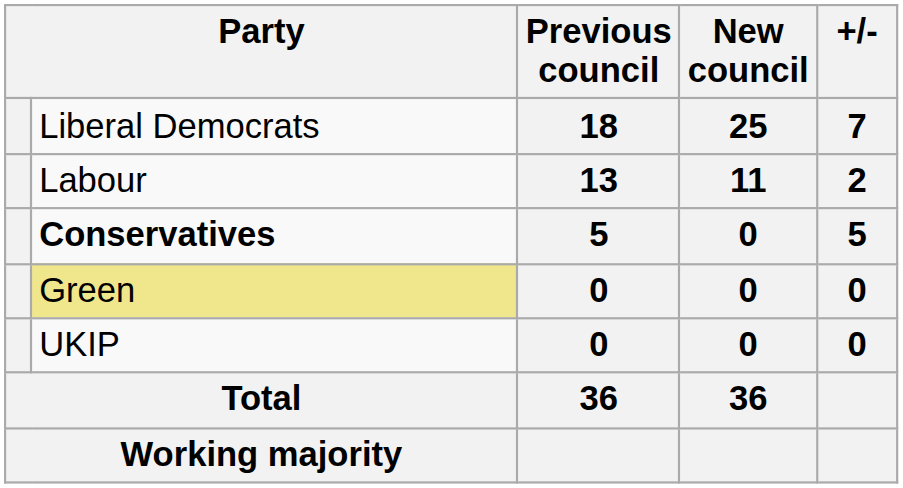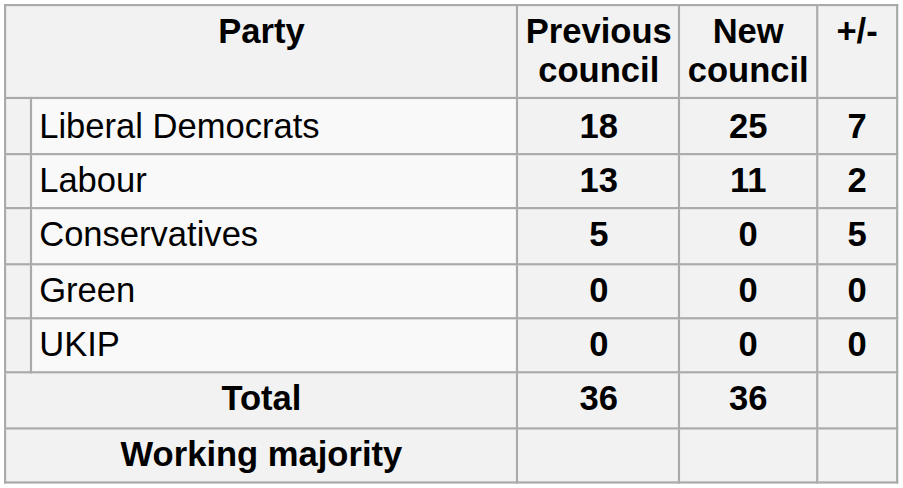 <table class="wikitable">
 <tr>
 <th valign=top colspan="2" style="width: 230px">Party</th>
 <th valign=top style="width: 30px">Previous council</th>
 <th valign=top style="width: 30px">New council</th>
 <th valign=top style="width: 30px">+/-</th>
 </tr>
 <tr>
 <th style="background-color: "></th>
 <td>Liberal Democrats</td>
 <th align=center>18</th>
 <th align=center>25</th>
 <th align=center>7</th>
 </tr>
 <tr>
 <th style="background-color: "></th>
 <td>Labour</td>
 <th align=center>13</th>
 <th align=center>11</th>
 <th align=center>2</th>
 </tr>
 <tr>
 <th style="background-color: "></th>
-<td><strong>Conservatives</strong></td>
+<td>Conservatives</td>
 <th align=center>5</th>
 <th align=center>0</th>
 <th align=center>5</th>
 </tr>
 <tr>
 <th style="background-color: "></th>
-<td style="background: khaki;">Green</td>
+<td>Green</td>
 <th align=center>0</th>
 <th align=center>0</th>
 <th align=center>0</th>
 </tr>
 <tr>
 <th style="background-color: "></th>
 <td>UKIP</td>
 <th align=center>0</th>
 <th align=center>0</th>
 <th align=center>0</th>
 </tr>
 <tr>
 <th colspan=2>Total</th>
 <th style="text-align: center">36</th>
 <th style="text-align: center">36</th>
 <th></th>
 </tr>
 <tr>
 <th colspan=2>Working majority</th>
 <th></th>
 <th></th>
 <th></th>
 </tr>
 </table>
